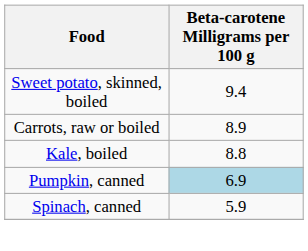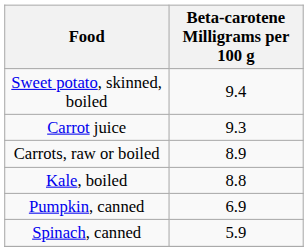 <table class="wikitable" style="float:right; clear:right; width:18em; text-align:center;">
 <tr>
 <th>Food</th>
 <th>Beta-carotene<br>Milligrams per 100 g</th>
 </tr>
 <tr>
 <td><a href='#'>Sweet potato</a>, skinned, boiled</td>
 <td>9.4</td>
+</tr>
+<tr>
+<td><a href='#'>Carrot</a> juice</td>
+<td>9.3</td>
 </tr>
 <tr>
 <td>Carrots, raw or boiled</td>
 <td>8.9</td>
 </tr>
 <tr>
 <td><a href='#'>Kale</a>, boiled</td>
 <td>8.8</td>
 </tr>
 <tr>
 <td><a href='#'>Pumpkin</a>, canned</td>
-<td style="background: lightblue;">6.9</td>
+<td>6.9</td>
 </tr>
 <tr>
 <td><a href='#'>Spinach</a>, canned</td>
 <td>5.9</td>
 </tr>
 <tr>
 </tr>
 </table>
